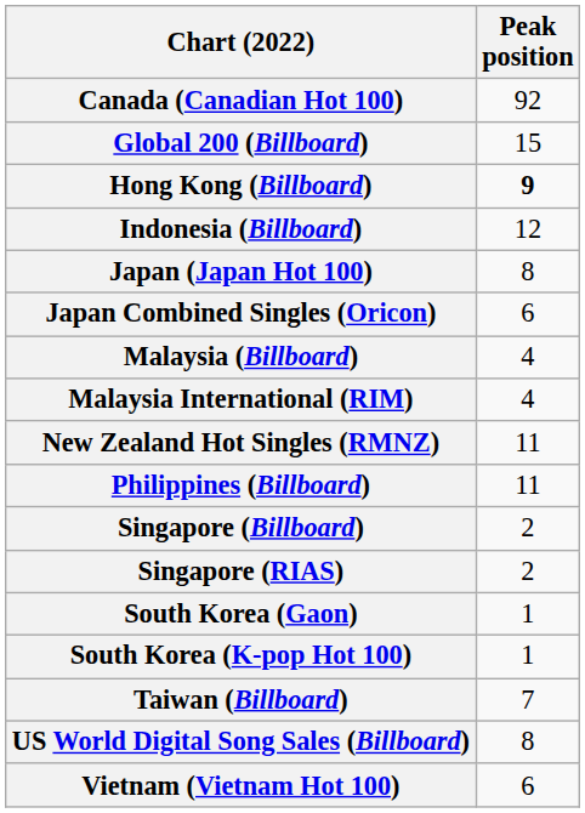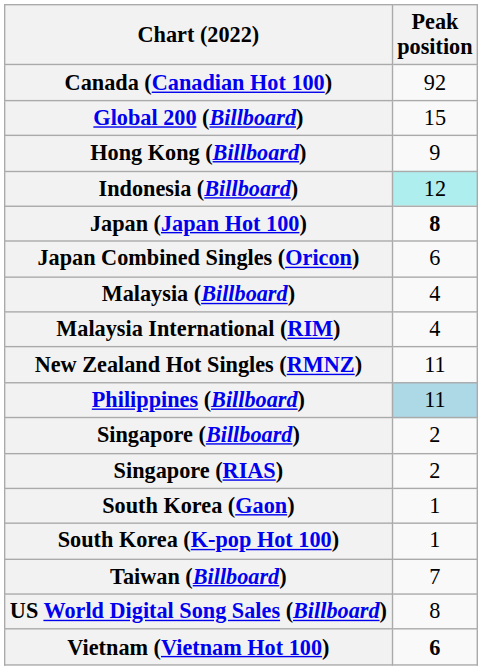 <table class="wikitable sortable plainrowheaders" style="text-align:center">
 <tr>
 <th scope="col">Chart (2022)</th>
 <th scope="col">Peak<br>position</th>
 </tr>
 <tr>
 <th scope="row">Canada (<a href='#'>Canadian Hot 100</a>)</th>
 <td>92</td>
 </tr>
 <tr>
 <th scope="row"><a href='#'>Global 200</a> (<em><a href='#'>Billboard</a></em>)</th>
 <td>15</td>
 </tr>
 <tr>
 <th scope="row">Hong Kong (<em><a href='#'>Billboard</a></em>)</th>
-<td><strong>9</strong></td>
+<td>9</td>
 </tr>
 <tr>
 <th scope="row">Indonesia (<em><a href='#'>Billboard</a></em>)</th>
-<td>12</td>
+<td style="background: paleturquoise;">12</td>
 </tr>
 <tr>
 <th scope="row">Japan (<a href='#'>Japan Hot 100</a>)</th>
-<td>8</td>
+<td><strong>8</strong></td>
 </tr>
 <tr>
 <th scope="row">Japan Combined Singles (<a href='#'>Oricon</a>)</th>
 <td>6</td>
 </tr>
 <tr>
 <th scope="row">Malaysia (<em><a href='#'>Billboard</a></em>)</th>
 <td>4</td>
 </tr>
 <tr>
 <th scope="row">Malaysia International (<a href='#'>RIM</a>)</th>
 <td>4</td>
 </tr>
 <tr>
 <th scope="row">New Zealand Hot Singles (<a href='#'>RMNZ</a>)</th>
 <td>11</td>
 </tr>
 <tr>
 <th scope="row"><a href='#'>Philippines</a> (<em><a href='#'>Billboard</a></em>)</th>
-<td>11</td>
+<td style="background: lightblue;">11</td>
 </tr>
 <tr>
 <th scope="row">Singapore (<em><a href='#'>Billboard</a></em>)</th>
 <td>2</td>
 </tr>
 <tr>
 <th scope="row">Singapore (<a href='#'>RIAS</a>)</th>
 <td>2</td>
 </tr>
 <tr>
 <th scope="row">South Korea (<a href='#'>Gaon</a>)</th>
 <td>1</td>
 </tr>
 <tr>
 <th scope="row">South Korea (<a href='#'>K-pop Hot 100</a>)</th>
 <td>1</td>
 </tr>
 <tr>
 <th scope="row">Taiwan (<em><a href='#'>Billboard</a></em>)</th>
 <td>7</td>
 </tr>
 <tr>
 <th scope="row">US <a href='#'>World Digital Song Sales</a> (<em><a href='#'>Billboard</a></em>)</th>
 <td>8</td>
 </tr>
 <tr>
 <th scope="row">Vietnam (<a href='#'>Vietnam Hot 100</a>)</th>
-<td>6</td>
+<td><strong>6</strong></td>
 </tr>
 </table>
